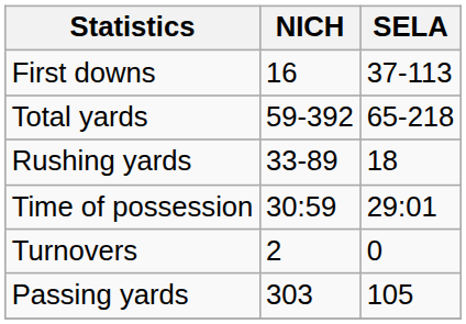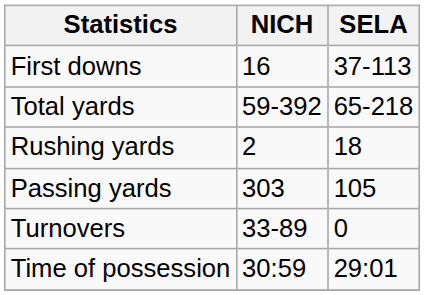 <table class="wikitable" style="float: left;">
 <tr>
 <th>Statistics</th>
 <th>NICH</th>
 <th>SELA</th>
 </tr>
 <tr>
 <td>First downs</td>
 <td>16</td>
 <td>37-113</td>
 </tr>
 <tr>
 <td>Total yards</td>
 <td>59-392</td>
 <td>65-218</td>
 </tr>
 <tr>
 <td>Rushing yards</td>
+<td>2</td>
+<td>18</td>
+</tr>
+<tr>
+<td>Passing yards</td>
+<td>303</td>
+<td>105</td>
+</tr>
+<tr>
+<td>Turnovers</td>
 <td>33-89</td>
-<td>18</td>
+<td>0</td>
 </tr>
 <tr>
 <td>Time of possession</td>
 <td>30:59</td>
 <td>29:01</td>
 </tr>
 <tr>
-<td>Turnovers</td>
-<td>2</td>
-<td>0</td>
-</tr>
-<tr>
-<td>Passing yards</td>
-<td>303</td>
-<td>105</td>
-</tr>
-<tr>
 </tr>
 </table>
